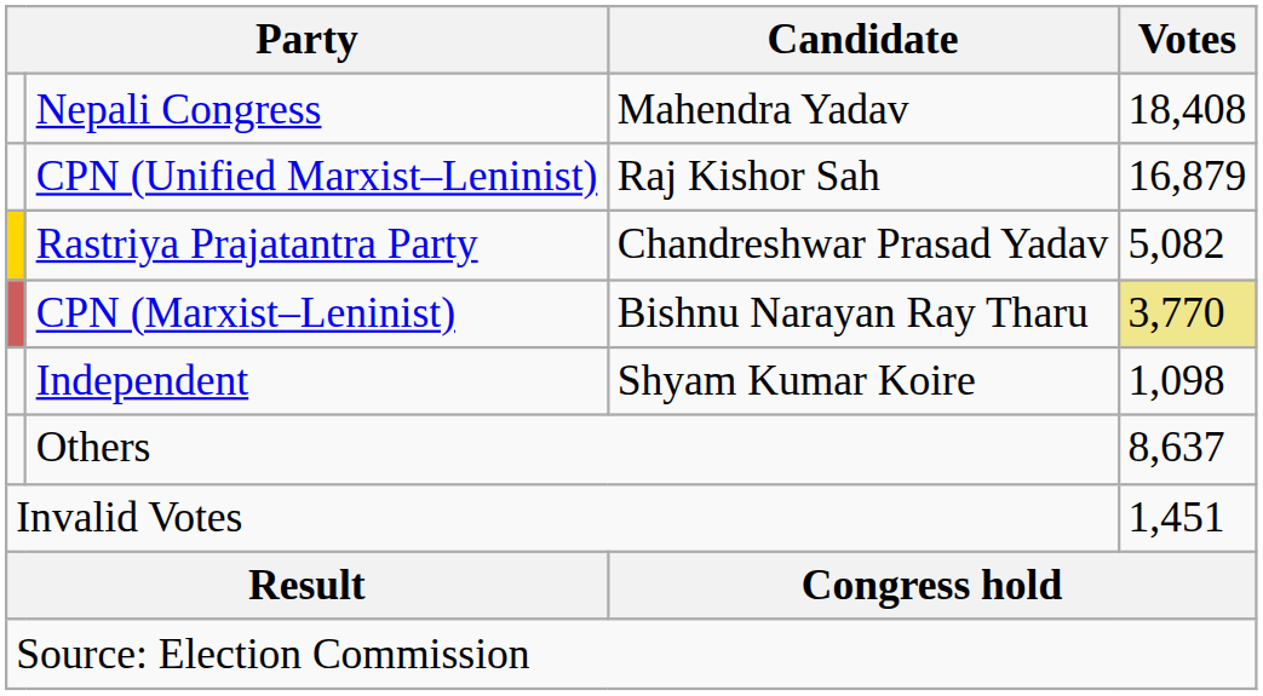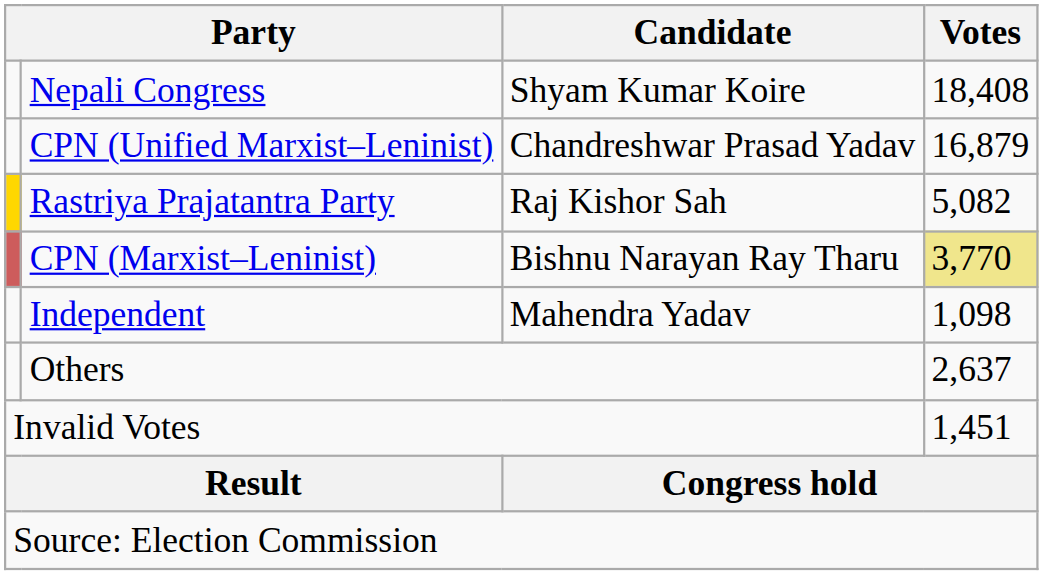 <table class="wikitable">
 <tr>
 <th colspan="2">Party</th>
 <th>Candidate</th>
 <th>Votes</th>
 </tr>
 <tr>
 <td style="background-color:"></td>
 <td><a href='#'>Nepali Congress</a></td>
-<td>Mahendra Yadav</td>
+<td>Shyam Kumar Koire</td>
 <td>18,408</td>
 </tr>
 <tr>
 <td style="background-color:"></td>
 <td><a href='#'>CPN (Unified Marxist–Leninist)</a></td>
-<td>Raj Kishor Sah</td>
+<td>Chandreshwar Prasad Yadav</td>
 <td>16,879</td>
 </tr>
 <tr>
 <td style="background-color:gold"></td>
 <td><a href='#'>Rastriya Prajatantra Party</a></td>
-<td>Chandreshwar Prasad Yadav</td>
+<td>Raj Kishor Sah</td>
 <td>5,082</td>
 </tr>
 <tr>
 <td style="background-color:indianred"></td>
 <td><a href='#'>CPN (Marxist–Leninist)</a></td>
 <td>Bishnu Narayan Ray Tharu</td>
 <td style="background: khaki;">3,770</td>
 </tr>
 <tr>
 <td style="background-color:"></td>
 <td><a href='#'>Independent</a></td>
-<td>Shyam Kumar Koire</td>
+<td>Mahendra Yadav</td>
 <td>1,098</td>
 </tr>
 <tr>
 <td></td>
 <td colspan="2">Others</td>
-<td>8,637</td>
+<td>2,637</td>
 </tr>
 <tr>
 <td colspan="3">Invalid Votes</td>
 <td>1,451</td>
 </tr>
 <tr>
 <th colspan="2">Result</th>
 <th colspan="2">Congress hold</th>
 </tr>
 <tr>
 <td colspan="4">Source: Election Commission</td>
 </tr>
 </table>
